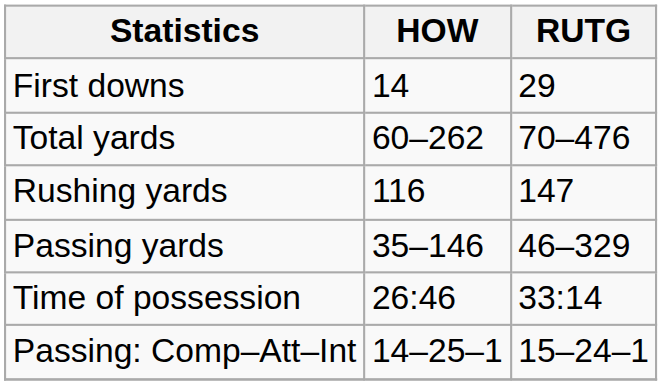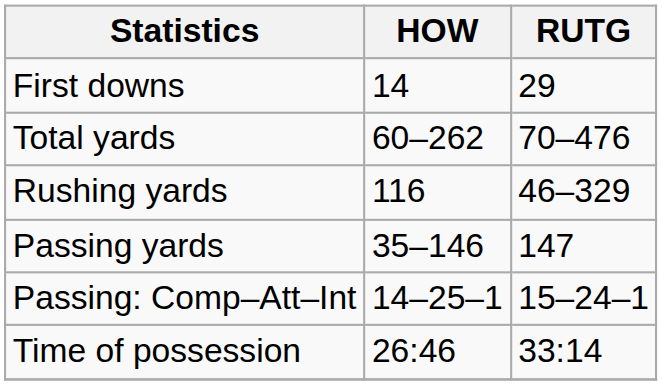 <table class="wikitable" style="float: left;">
 <tr>
 <th>Statistics</th>
 <th>HOW</th>
 <th>RUTG</th>
 </tr>
 <tr>
 <td>First downs</td>
 <td>14</td>
 <td>29</td>
 </tr>
 <tr>
 <td>Total yards</td>
 <td>60–262</td>
 <td>70–476</td>
 </tr>
 <tr>
 <td>Rushing yards</td>
 <td>116</td>
-<td>147</td>
+<td>46–329</td>
 </tr>
 <tr>
 <td>Passing yards</td>
 <td>35–146</td>
-<td>46–329</td>
+<td>147</td>
+</tr>
+<tr>
+<td>Passing: Comp–Att–Int</td>
+<td>14–25–1</td>
+<td>15–24–1</td>
 </tr>
 <tr>
 <td>Time of possession</td>
 <td>26:46</td>
 <td>33:14</td>
 </tr>
 <tr>
-<td>Passing: Comp–Att–Int</td>
-<td>14–25–1</td>
-<td>15–24–1</td>
-</tr>
-<tr>
 </tr>
 </table>
